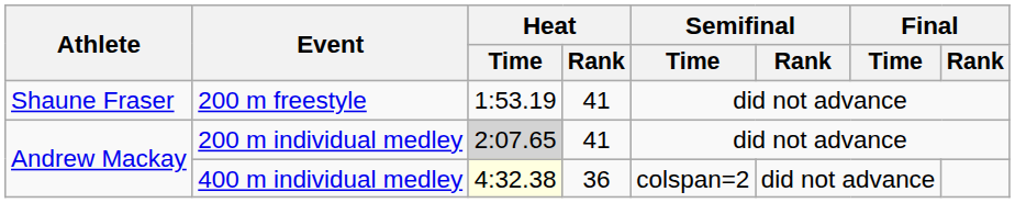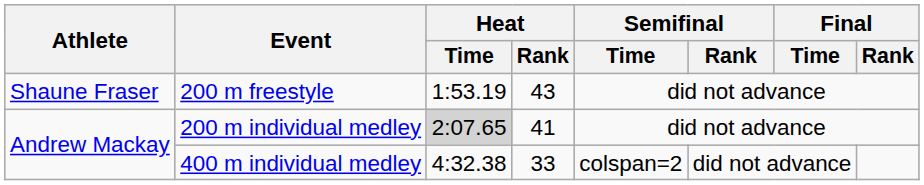 <table class=wikitable style="font-size:90%">
 <tr>
 <th rowspan="2">Athlete</th>
 <th rowspan="2">Event</th>
 <th colspan="2">Heat</th>
 <th colspan="2">Semifinal</th>
 <th colspan="2">Final</th>
 </tr>
 <tr style="font-size:95%">
 <th>Time</th>
 <th>Rank</th>
 <th>Time</th>
 <th>Rank</th>
 <th>Time</th>
 <th>Rank</th>
 </tr>
 <tr align=center>
 <td align=left><a href='#'>Shaune Fraser</a></td>
 <td align=left><a href='#'>200 m freestyle</a></td>
 <td>1:53.19</td>
-<td>41</td>
+<td>43</td>
 <td colspan=4>did not advance</td>
 </tr>
 <tr align=center>
 <td align=left rowspan=2><a href='#'>Andrew Mackay</a></td>
 <td align=left><a href='#'>200 m individual medley</a></td>
 <td style="background: lightgrey;">2:07.65</td>
 <td>41</td>
 <td colspan=4>did not advance</td>
 </tr>
 <tr align=center>
 <td align=left><a href='#'>400 m individual medley</a></td>
-<td style="background: lightyellow;">4:32.38</td>
-<td>36</td>
+<td>4:32.38</td>
+<td>33</td>
 <td>colspan=2 </td>
 <td colspan=2>did not advance</td>
 </tr>
 </table>
